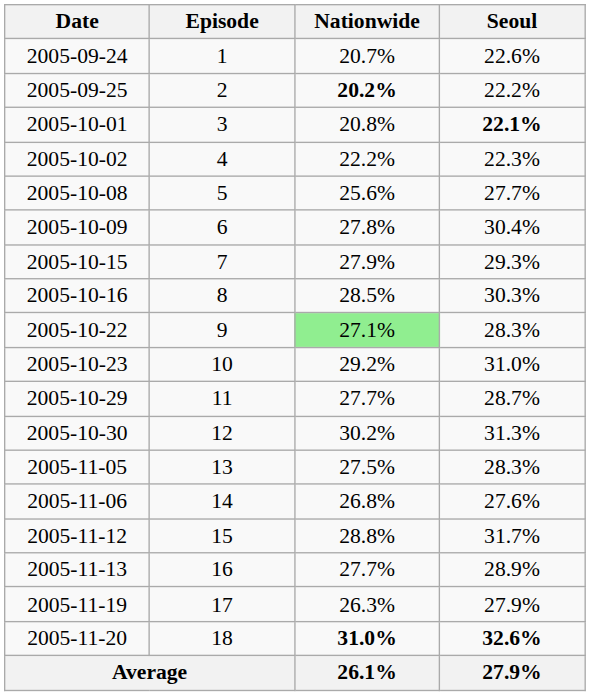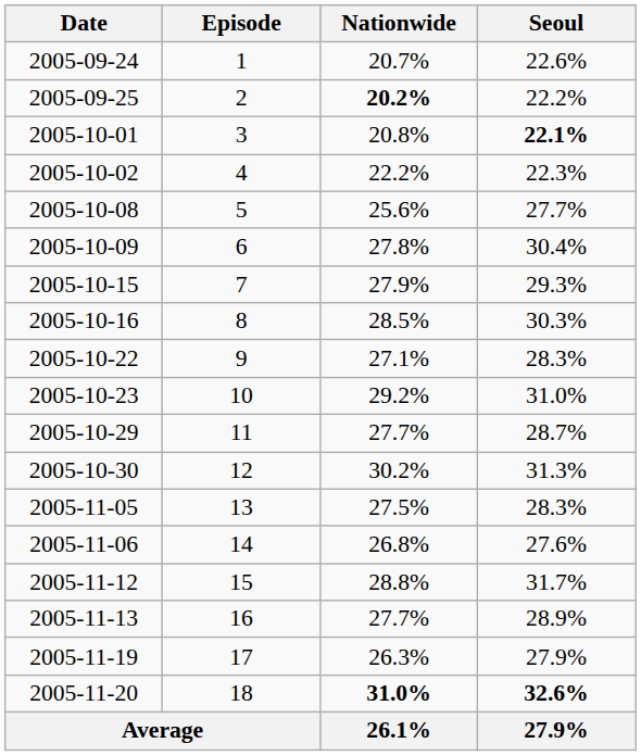 <table class="wikitable">
 <tr>
 <th width=100>Date</th>
 <th width=100>Episode</th>
 <th width=100>Nationwide</th>
 <th width=100>Seoul</th>
 </tr>
 <tr align=center>
 <td>2005-09-24</td>
 <td>1</td>
 <td>20.7%</td>
 <td>22.6%</td>
 </tr>
 <tr align=center>
 <td>2005-09-25</td>
 <td>2</td>
 <td><span><strong>20.2%</strong></span></td>
 <td>22.2%</td>
 </tr>
 <tr align=center>
 <td>2005-10-01</td>
 <td>3</td>
 <td>20.8%</td>
 <td><span><strong>22.1%</strong></span></td>
 </tr>
 <tr align=center>
 <td>2005-10-02</td>
 <td>4</td>
 <td>22.2%</td>
 <td>22.3%</td>
 </tr>
 <tr align=center>
 <td>2005-10-08</td>
 <td>5</td>
 <td>25.6%</td>
 <td>27.7%</td>
 </tr>
 <tr align=center>
 <td>2005-10-09</td>
 <td>6</td>
 <td>27.8%</td>
 <td>30.4%</td>
 </tr>
 <tr align=center>
 <td>2005-10-15</td>
 <td>7</td>
 <td>27.9%</td>
 <td>29.3%</td>
 </tr>
 <tr align=center>
 <td>2005-10-16</td>
 <td>8</td>
 <td>28.5%</td>
 <td>30.3%</td>
 </tr>
 <tr align=center>
 <td>2005-10-22</td>
 <td>9</td>
-<td style="background: lightgreen;">27.1%</td>
+<td>27.1%</td>
 <td>28.3%</td>
 </tr>
 <tr align=center>
 <td>2005-10-23</td>
 <td>10</td>
 <td>29.2%</td>
 <td>31.0%</td>
 </tr>
 <tr align=center>
 <td>2005-10-29</td>
 <td>11</td>
 <td>27.7%</td>
 <td>28.7%</td>
 </tr>
 <tr align=center>
 <td>2005-10-30</td>
 <td>12</td>
 <td>30.2%</td>
 <td>31.3%</td>
 </tr>
 <tr align=center>
 <td>2005-11-05</td>
 <td>13</td>
 <td>27.5%</td>
 <td>28.3%</td>
 </tr>
 <tr align=center>
 <td>2005-11-06</td>
 <td>14</td>
 <td>26.8%</td>
 <td>27.6%</td>
 </tr>
 <tr align=center>
 <td>2005-11-12</td>
 <td>15</td>
 <td>28.8%</td>
 <td>31.7%</td>
 </tr>
 <tr align=center>
 <td>2005-11-13</td>
 <td>16</td>
 <td>27.7%</td>
 <td>28.9%</td>
 </tr>
 <tr align=center>
 <td>2005-11-19</td>
 <td>17</td>
 <td>26.3%</td>
 <td>27.9%</td>
 </tr>
 <tr align=center>
 <td>2005-11-20</td>
 <td>18</td>
 <td><span><strong>31.0%</strong></span></td>
 <td><span><strong>32.6%</strong></span></td>
 </tr>
 <tr align="center">
 <th colspan=2>Average</th>
 <th>26.1%</th>
 <th>27.9%</th>
 </tr>
 </table>
